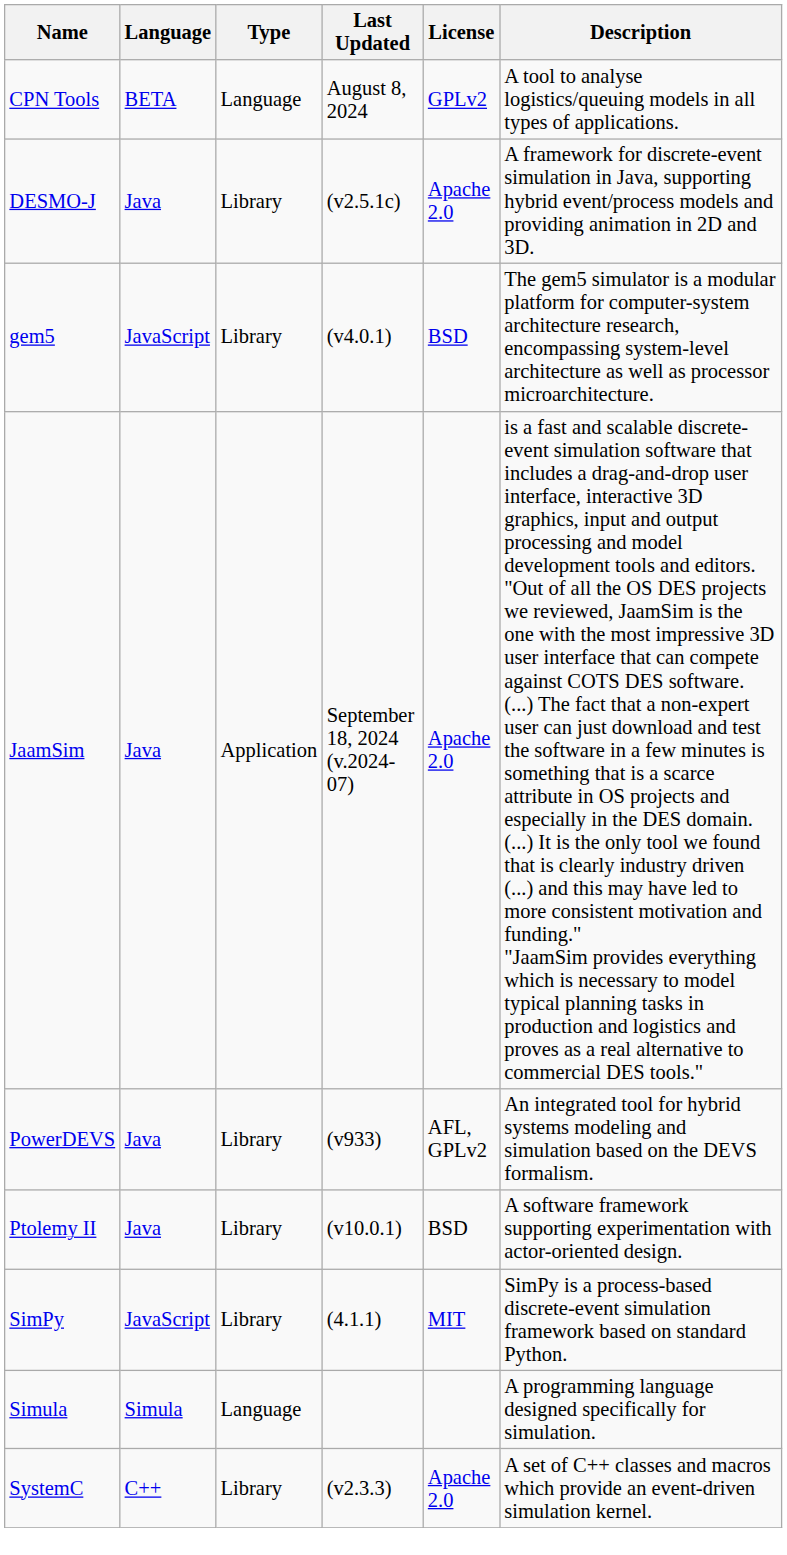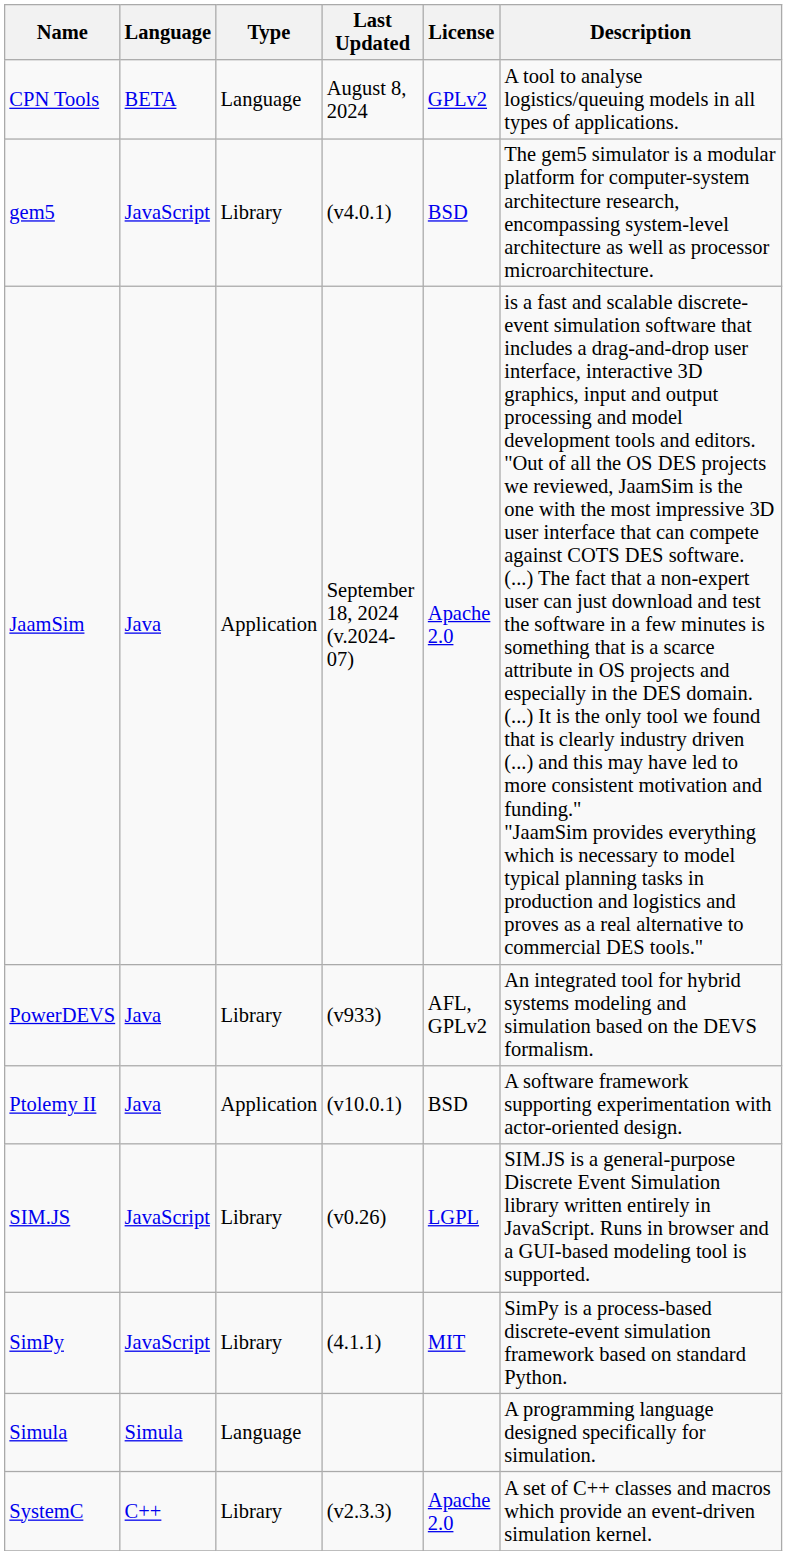 <table class="wikitable sortable">
 <tr>
 <th scope="col">Name</th>
 <th scope="col">Language</th>
 <th scope="col">Type</th>
 <th scope="col">Last Updated</th>
 <th scope="col">License</th>
 <th scope="col" class="unsortable">Description</th>
 </tr>
 <tr>
 <td><a href='#'>CPN Tools</a></td>
 <td><a href='#'>BETA</a></td>
 <td>Language</td>
 <td>August 8, 2024</td>
 <td><a href='#'>GPLv2</a></td>
 <td>A tool to analyse logistics/queuing models in all types of applications.</td>
-</tr>
-<tr>
-<td><a href='#'>DESMO-J</a></td>
-<td><a href='#'>Java</a></td>
-<td>Library</td>
-<td> (v2.5.1c)</td>
-<td><a href='#'>Apache 2.0</a></td>
-<td>A framework for discrete-event simulation in Java, supporting hybrid event/process models and providing animation in 2D and 3D.</td>
 </tr>
 <tr>
 <td><a href='#'>gem5</a></td>
 <td><a href='#'>JavaScript</a></td>
 <td>Library</td>
 <td> (v4.0.1)</td>
 <td><a href='#'>BSD</a></td>
 <td>The gem5 simulator is a modular platform for computer-system architecture research, encompassing system-level architecture as well as processor microarchitecture.</td>
 </tr>
 <tr>
 <td><a href='#'>JaamSim</a></td>
 <td><a href='#'>Java</a></td>
 <td>Application</td>
 <td>September 18, 2024 (v.2024-07)</td>
 <td><a href='#'>Apache 2.0</a></td>
 <td> is a fast and scalable discrete-event simulation software that includes a drag-and-drop user interface, interactive 3D graphics, input and output processing and model development tools and editors.  "Out of all the OS DES projects we reviewed, JaamSim is the one with the most impressive 3D user interface that can compete against COTS DES software. (...) The fact that a non-expert user can just download and test the software in a few minutes is something that is a scarce attribute in OS projects and especially in the DES domain. (...) It is the only tool we found that is clearly industry driven (...) and this may have led to more consistent motivation and funding."<br>"JaamSim provides everything which is necessary to model typical planning tasks in production and logistics and proves as a real alternative to commercial DES tools." </td>
 </tr>
 <tr>
 <td><a href='#'>PowerDEVS</a></td>
 <td><a href='#'>Java</a></td>
 <td>Library</td>
 <td> (v933)</td>
 <td>AFL, GPLv2</td>
 <td>An integrated tool for hybrid systems modeling and simulation based on the DEVS formalism.</td>
 </tr>
 <tr>
 <td><a href='#'>Ptolemy II</a></td>
 <td><a href='#'>Java</a></td>
-<td>Library</td>
+<td>Application</td>
 <td> (v10.0.1)</td>
 <td>BSD</td>
 <td>A software framework supporting experimentation with actor-oriented design.</td>
+</tr>
+<tr>
+<td><a href='#'>SIM.JS</a></td>
+<td><a href='#'>JavaScript</a></td>
+<td>Library</td>
+<td> (v0.26)</td>
+<td><a href='#'>LGPL</a></td>
+<td>SIM.JS is a general-purpose Discrete Event Simulation library written entirely in JavaScript. Runs in browser and a GUI-based modeling tool is supported.</td>
 </tr>
 <tr>
 <td><a href='#'>SimPy</a></td>
 <td><a href='#'>JavaScript</a></td>
 <td>Library</td>
 <td> (4.1.1)</td>
 <td><a href='#'>MIT</a></td>
 <td>SimPy is a process-based discrete-event simulation framework based on standard Python.</td>
 </tr>
 <tr>
 <td><a href='#'>Simula</a></td>
 <td><a href='#'>Simula</a></td>
 <td>Language</td>
 <td></td>
 <td></td>
 <td>A programming language designed specifically for simulation.</td>
 </tr>
 <tr>
 <td><a href='#'>SystemC</a></td>
 <td><a href='#'>C++</a></td>
 <td>Library</td>
 <td> (v2.3.3)</td>
 <td><a href='#'>Apache 2.0</a></td>
 <td>A set of C++ classes and macros which provide an event-driven simulation kernel.</td>
 </tr>
 </table>
